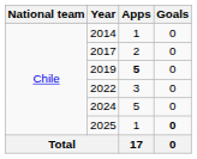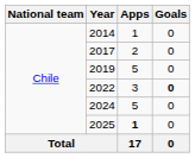 <table class=wikitable style=text-align:center>
 <tr>
 <th>National team</th>
 <th>Year</th>
 <th>Apps</th>
 <th>Goals</th>
 </tr>
 <tr>
 <td rowspan="6"><a href='#'>Chile</a></td>
 <td>2014</td>
 <td>1</td>
 <td>0</td>
 </tr>
 <tr>
 <td>2017</td>
 <td>2</td>
 <td>0</td>
 </tr>
 <tr>
 <td>2019</td>
-<td><strong>5</strong></td>
+<td>5</td>
 <td>0</td>
 </tr>
 <tr>
 <td>2022</td>
 <td>3</td>
-<td>0</td>
+<td><strong>0</strong></td>
 </tr>
 <tr>
 <td>2024</td>
 <td>5</td>
 <td>0</td>
 </tr>
 <tr>
 <td>2025</td>
-<td>1</td>
-<td><strong>0</strong></td>
+<td><strong>1</strong></td>
+<td>0</td>
 </tr>
 <tr>
 <th colspan="2">Total</th>
 <th>17</th>
 <th>0</th>
 </tr>
 </table>
